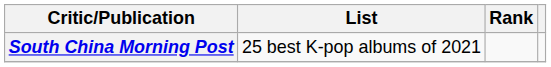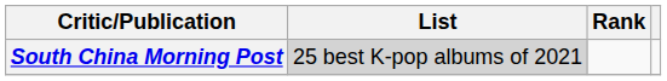 <table class="wikitable plainrowheaders">
 <tr>
 <th>Critic/Publication</th>
 <th scope="col">List</th>
 <th data-sort-type="number">Rank</th>
 <th scope="col"></th>
 </tr>
 <tr>
 <th scope="row"><em><a href='#'>South China Morning Post</a></em></th>
-<td>25 best K-pop albums of 2021</td>
+<td style="background: lightgrey;">25 best K-pop albums of 2021</td>
 <td></td>
 <td style="text-align:center"></td>
 </tr>
 <tr>
 </tr>
 </table>
